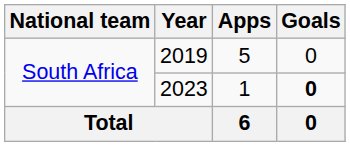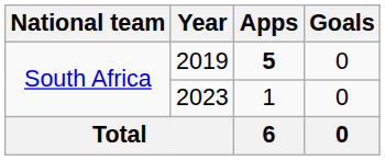 <table class=wikitable style=text-align:center>
 <tr>
 <th>National team</th>
 <th>Year</th>
 <th>Apps</th>
 <th>Goals</th>
 </tr>
 <tr>
 <td rowspan="2"><a href='#'>South Africa</a></td>
 <td>2019</td>
-<td>5</td>
+<td><strong>5</strong></td>
 <td>0</td>
 </tr>
 <tr>
 <td>2023</td>
 <td>1</td>
-<td><strong>0</strong></td>
+<td>0</td>
 </tr>
 <tr>
 <th colspan="2">Total</th>
 <th>6</th>
 <th>0</th>
 </tr>
 </table>
